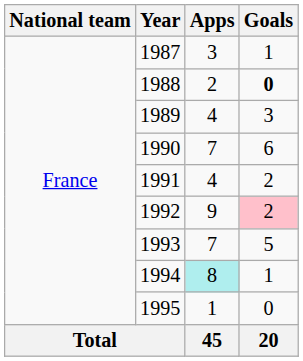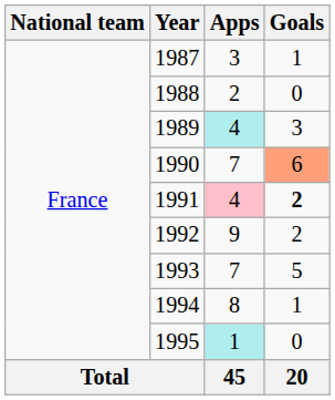 <table class="wikitable" style="text-align: center;">
 <tr>
 <th>National team</th>
 <th>Year</th>
 <th>Apps</th>
 <th>Goals</th>
 </tr>
 <tr>
 <td rowspan="9"><a href='#'>France</a></td>
 <td>1987</td>
 <td>3</td>
 <td>1</td>
 </tr>
 <tr>
 <td>1988</td>
 <td>2</td>
-<td><strong>0</strong></td>
+<td>0</td>
 </tr>
 <tr>
 <td>1989</td>
-<td>4</td>
+<td style="background: paleturquoise;">4</td>
 <td>3</td>
 </tr>
 <tr>
 <td>1990</td>
 <td>7</td>
-<td>6</td>
+<td style="background: lightsalmon;">6</td>
 </tr>
 <tr>
 <td>1991</td>
-<td>4</td>
-<td>2</td>
+<td style="background: pink;">4</td>
+<td><strong>2</strong></td>
 </tr>
 <tr>
 <td>1992</td>
 <td>9</td>
-<td style="background: pink;">2</td>
+<td>2</td>
 </tr>
 <tr>
 <td>1993</td>
 <td>7</td>
 <td>5</td>
 </tr>
 <tr>
 <td>1994</td>
-<td style="background: paleturquoise;">8</td>
+<td>8</td>
 <td>1</td>
 </tr>
 <tr>
 <td>1995</td>
-<td>1</td>
+<td style="background: paleturquoise;">1</td>
 <td>0</td>
 </tr>
 <tr>
 <th colspan="2">Total</th>
 <th>45</th>
 <th>20</th>
 </tr>
 </table>
